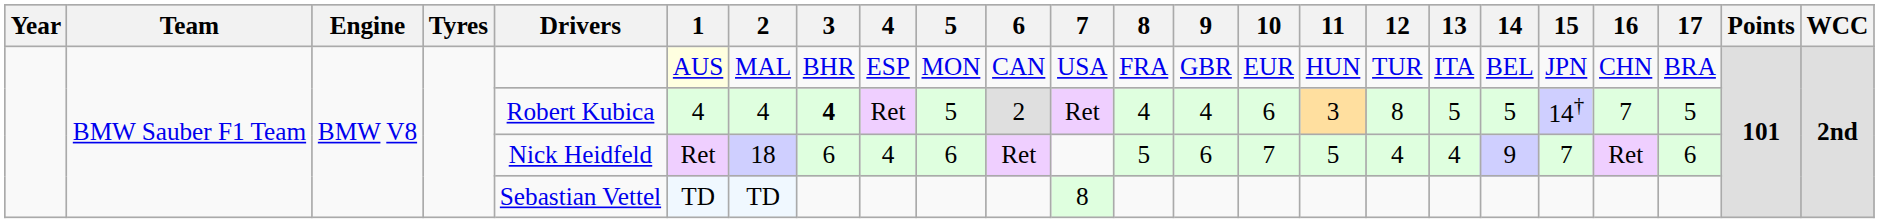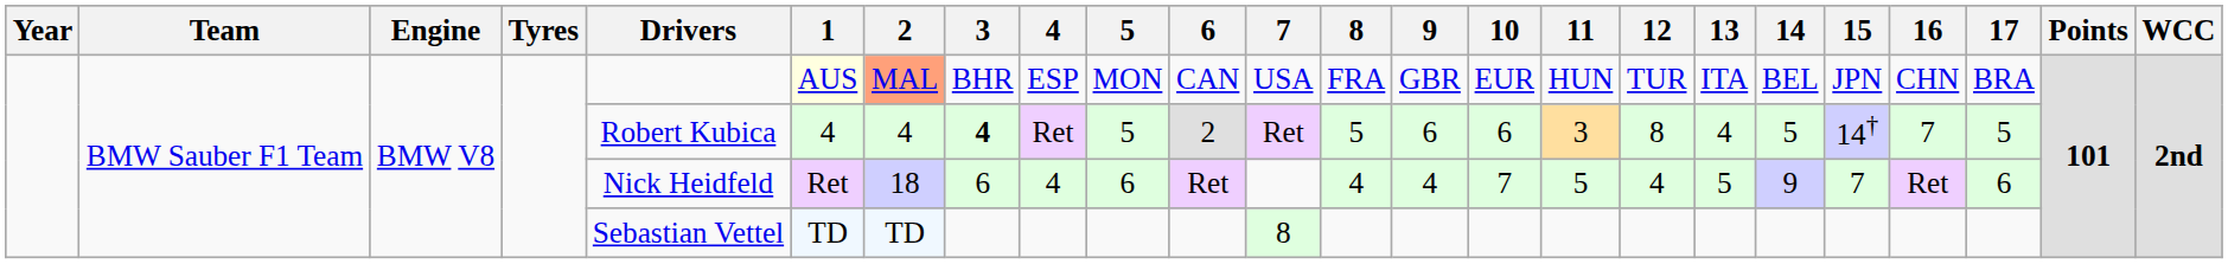 <table class="wikitable" style="text-align:center; font-size:95%">
 <tr>
 <th>Year</th>
 <th>Team</th>
 <th>Engine</th>
 <th>Tyres</th>
 <th>Drivers</th>
 <th>1</th>
 <th>2</th>
 <th>3</th>
 <th>4</th>
 <th>5</th>
 <th>6</th>
 <th>7</th>
 <th>8</th>
 <th>9</th>
 <th>10</th>
 <th>11</th>
 <th>12</th>
 <th>13</th>
 <th>14</th>
 <th>15</th>
 <th>16</th>
 <th>17</th>
 <th>Points</th>
 <th>WCC</th>
 </tr>
 <tr>
 <td rowspan="4"></td>
 <td rowspan="4"><a href='#'>BMW Sauber F1 Team</a></td>
 <td rowspan="4"><a href='#'>BMW</a> <a href='#'>V8</a></td>
 <td rowspan="4"></td>
 <td></td>
 <td style="background: lightyellow;"><a href='#'>AUS</a></td>
-<td><a href='#'>MAL</a></td>
+<td style="background: lightsalmon;"><a href='#'>MAL</a></td>
 <td><a href='#'>BHR</a></td>
 <td><a href='#'>ESP</a></td>
 <td><a href='#'>MON</a></td>
 <td><a href='#'>CAN</a></td>
 <td><a href='#'>USA</a></td>
 <td><a href='#'>FRA</a></td>
 <td><a href='#'>GBR</a></td>
 <td><a href='#'>EUR</a></td>
 <td><a href='#'>HUN</a></td>
 <td><a href='#'>TUR</a></td>
 <td><a href='#'>ITA</a></td>
 <td><a href='#'>BEL</a></td>
 <td><a href='#'>JPN</a></td>
 <td><a href='#'>CHN</a></td>
 <td><a href='#'>BRA</a></td>
 <td rowspan="4" style="background-color:#DFDFDF"><strong>101</strong></td>
 <td rowspan="4" style="background-color:#DFDFDF"><strong>2nd</strong></td>
 </tr>
 <tr>
 <td> <a href='#'>Robert Kubica</a></td>
 <td style="background-color:#DFFFDF">4</td>
 <td style="background-color:#DFFFDF">4</td>
 <td style="background-color:#DFFFDF"><strong>4</strong></td>
 <td style="background-color:#EFCFFF">Ret</td>
 <td style="background-color:#DFFFDF">5</td>
 <td style="background-color:#DFDFDF">2</td>
 <td style="background-color:#EFCFFF">Ret</td>
-<td style="background-color:#DFFFDF">4</td>
-<td style="background-color:#DFFFDF">4</td>
+<td style="background-color:#DFFFDF">5</td>
+<td style="background-color:#DFFFDF">6</td>
 <td style="background-color:#DFFFDF">6</td>
 <td style="background-color:#FFDF9F">3</td>
 <td style="background-color:#DFFFDF">8</td>
-<td style="background-color:#DFFFDF">5</td>
+<td style="background-color:#DFFFDF">4</td>
 <td style="background-color:#DFFFDF">5</td>
 <td style="background-color:#CFCFFF">14<sup>†</sup></td>
 <td style="background-color:#DFFFDF">7</td>
 <td style="background-color:#DFFFDF">5</td>
 </tr>
 <tr>
 <td> <a href='#'>Nick Heidfeld</a></td>
 <td style="background-color:#EFCFFF">Ret</td>
 <td style="background-color:#CFCFFF">18</td>
 <td style="background-color:#DFFFDF">6</td>
 <td style="background-color:#DFFFDF">4</td>
 <td style="background-color:#DFFFDF">6</td>
 <td style="background-color:#EFCFFF">Ret</td>
 <td></td>
-<td style="background-color:#DFFFDF">5</td>
-<td style="background-color:#DFFFDF">6</td>
+<td style="background-color:#DFFFDF">4</td>
+<td style="background-color:#DFFFDF">4</td>
 <td style="background-color:#DFFFDF">7</td>
 <td style="background-color:#DFFFDF">5</td>
 <td style="background-color:#DFFFDF">4</td>
-<td style="background-color:#DFFFDF">4</td>
+<td style="background-color:#DFFFDF">5</td>
 <td style="background-color:#CFCFFF">9</td>
 <td style="background-color:#DFFFDF">7</td>
 <td style="background-color:#EFCFFF">Ret</td>
 <td style="background-color:#DFFFDF">6</td>
 </tr>
 <tr>
 <td> <a href='#'>Sebastian Vettel</a></td>
 <td style="background-color:#F0F8FF">TD</td>
 <td style="background-color:#F0F8FF">TD</td>
 <td></td>
 <td></td>
 <td></td>
 <td></td>
 <td style="background-color:#DFFFDF">8</td>
 <td></td>
 <td></td>
 <td></td>
 <td></td>
 <td></td>
 <td></td>
 <td></td>
 <td></td>
 <td></td>
 <td></td>
 </tr>
 </table>
